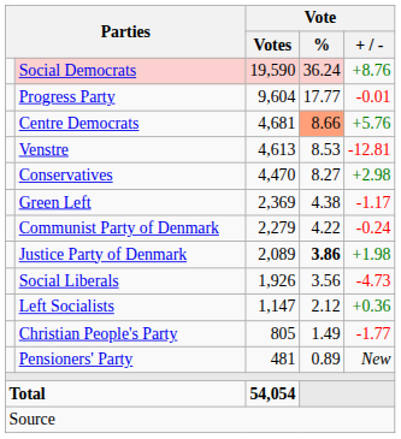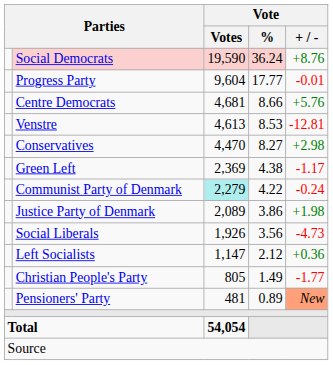 <table class="wikitable" style="text-align:right;">
 <tr>
 <th style="text-align:centre;" rowspan="2" colspan="2" width="225">Parties</th>
 <th colspan="3">Vote</th>
 </tr>
 <tr>
 <th width="15">Votes</th>
 <th width="15">%</th>
 <th width="15">+ / -</th>
 </tr>
 <tr>
 <td width="2" style="color:inherit;background:"></td>
 <td bgcolor=#fbd0ce  align="left"><a href='#'>Social Democrats</a></td>
 <td bgcolor=#fbd0ce>19,590</td>
 <td bgcolor=#fbd0ce>36.24</td>
 <td style=color:green;>+8.76</td>
 </tr>
 <tr>
 <td width="2" style="color:inherit;background:"></td>
 <td align="left"><a href='#'>Progress Party</a></td>
 <td>9,604</td>
 <td>17.77</td>
 <td style=color:red;>-0.01</td>
 </tr>
 <tr>
 <td width="2" style="color:inherit;background:"></td>
 <td align="left"><a href='#'>Centre Democrats</a></td>
 <td>4,681</td>
-<td style="background: lightsalmon;">8.66</td>
+<td>8.66</td>
 <td style=color:green;>+5.76</td>
 </tr>
 <tr>
 <td width="2" style="color:inherit;background:"></td>
 <td align="left"><a href='#'>Venstre</a></td>
 <td>4,613</td>
 <td>8.53</td>
 <td style=color:red;>-12.81</td>
 </tr>
 <tr>
 <td width="2" style="color:inherit;background:"></td>
 <td align="left"><a href='#'>Conservatives</a></td>
 <td>4,470</td>
 <td>8.27</td>
 <td style=color:green;>+2.98</td>
 </tr>
 <tr>
 <td width="2" style="color:inherit;background:"></td>
 <td align="left"><a href='#'>Green Left</a></td>
 <td>2,369</td>
 <td>4.38</td>
 <td style=color:red;>-1.17</td>
 </tr>
 <tr>
 <td width="2" style="color:inherit;background:"></td>
 <td align="left"><a href='#'>Communist Party of Denmark</a></td>
-<td>2,279</td>
+<td style="background: paleturquoise;">2,279</td>
 <td>4.22</td>
 <td style=color:red;>-0.24</td>
 </tr>
 <tr>
 <td width="2" style="color:inherit;background:"></td>
 <td align="left"><a href='#'>Justice Party of Denmark</a></td>
 <td>2,089</td>
-<td><strong>3.86</strong></td>
+<td>3.86</td>
 <td style=color:green;>+1.98</td>
 </tr>
 <tr>
 <td width="2" style="color:inherit;background:"></td>
 <td align="left"><a href='#'>Social Liberals</a></td>
 <td>1,926</td>
 <td>3.56</td>
 <td style=color:red;>-4.73</td>
 </tr>
 <tr>
 <td width="2" style="color:inherit;background:"></td>
 <td align="left"><a href='#'>Left Socialists</a></td>
 <td>1,147</td>
 <td>2.12</td>
 <td style=color:green;>+0.36</td>
 </tr>
 <tr>
 <td width="2" style="color:inherit;background:"></td>
 <td align="left"><a href='#'>Christian People's Party</a></td>
 <td>805</td>
 <td>1.49</td>
 <td style=color:red;>-1.77</td>
 </tr>
 <tr>
 <td width="2" style="color:inherit;background:"></td>
 <td align="left"><a href='#'>Pensioners' Party</a></td>
 <td>481</td>
 <td>0.89</td>
-<td><em>New</em></td>
+<td style="background: lightsalmon;"><em>New</em></td>
 </tr>
 <tr>
 <td colspan="7" bgcolor="#E9E9E9"></td>
 </tr>
 <tr>
 <td align="left" colspan="2"><strong>Total</strong></td>
 <td><strong>54,054</strong></td>
 <td bgcolor="#E9E9E9" colspan="2"></td>
 </tr>
 <tr>
 <td align="left" colspan="6">Source</td>
 </tr>
 </table>
